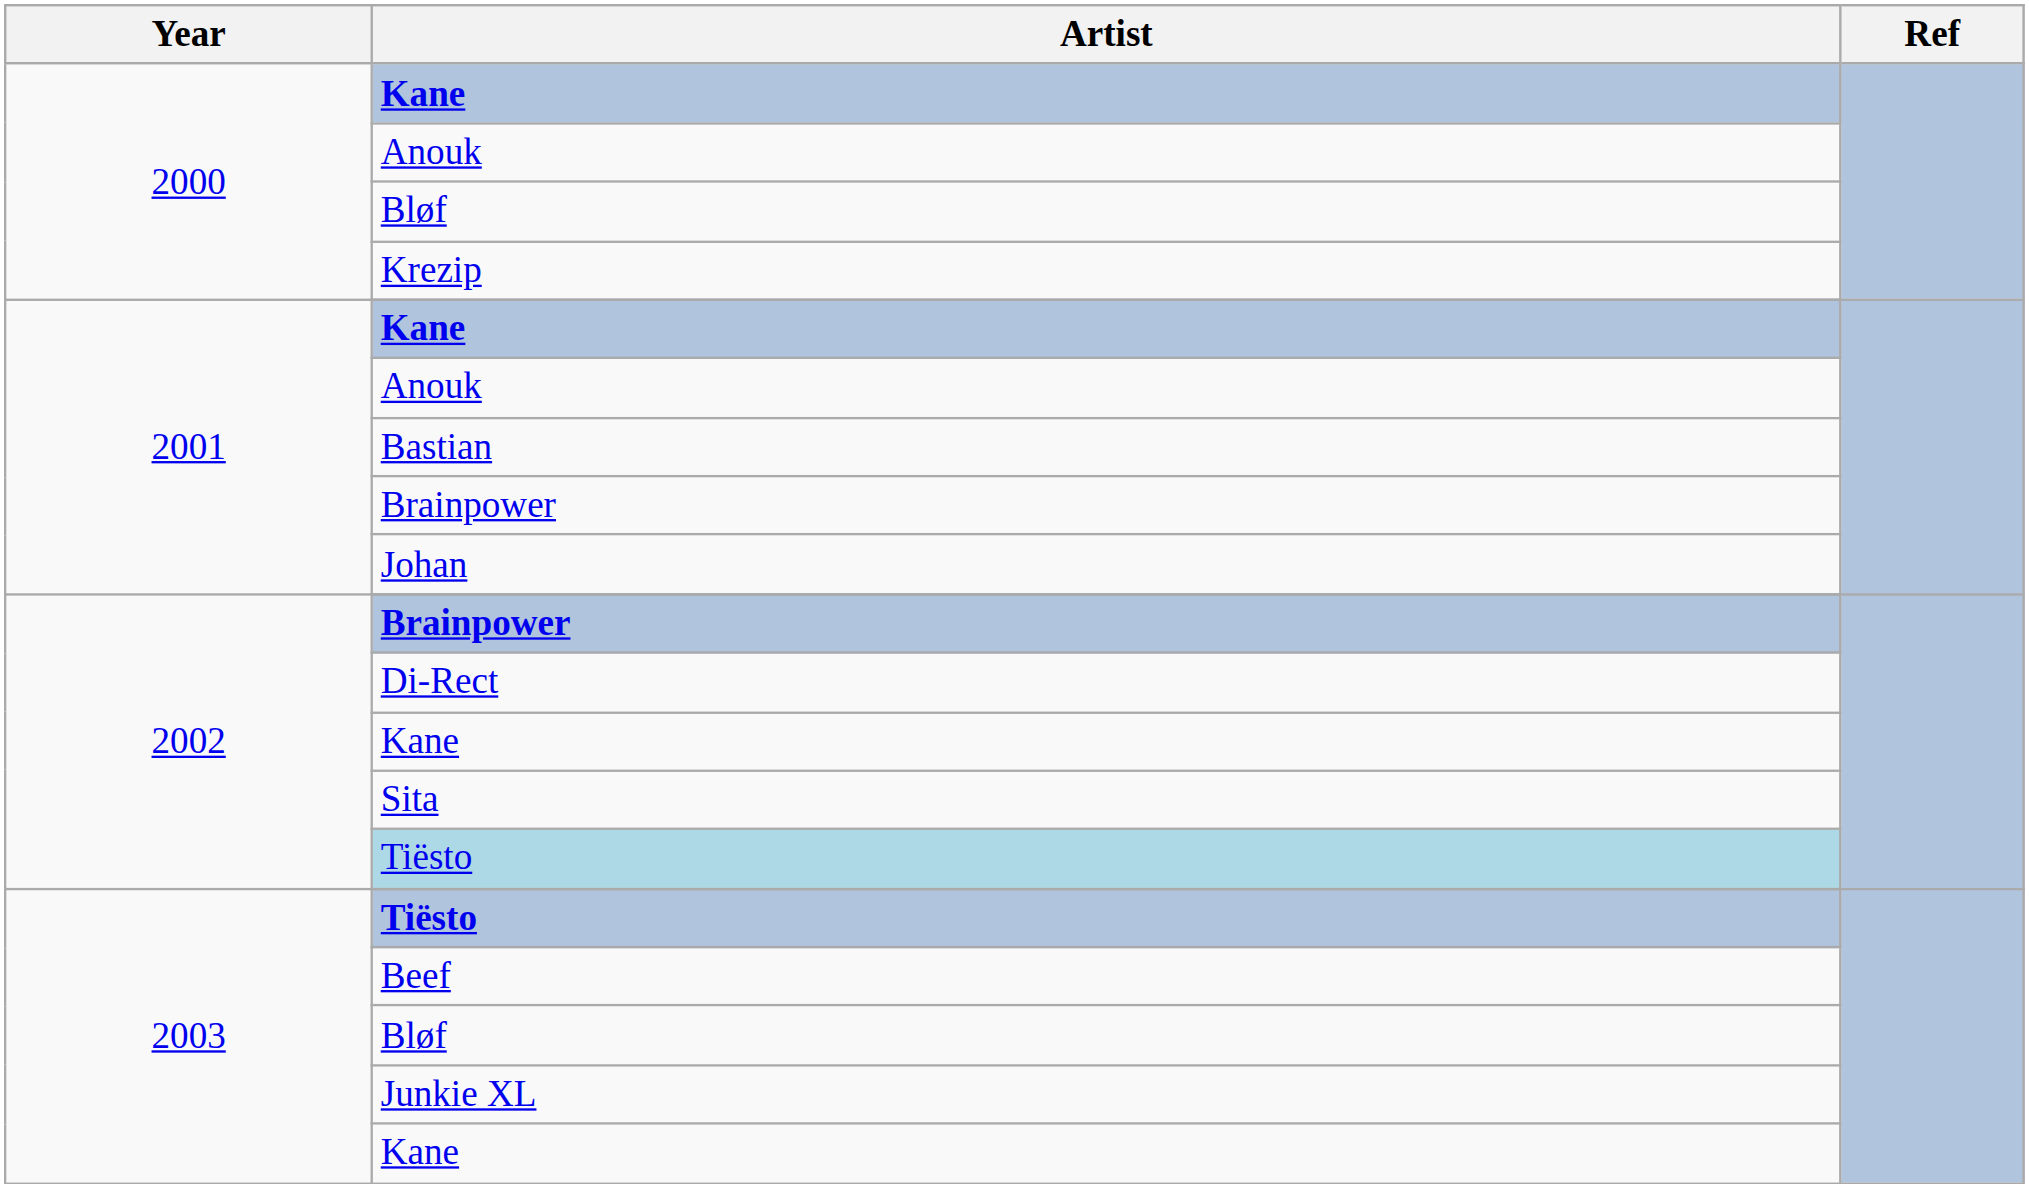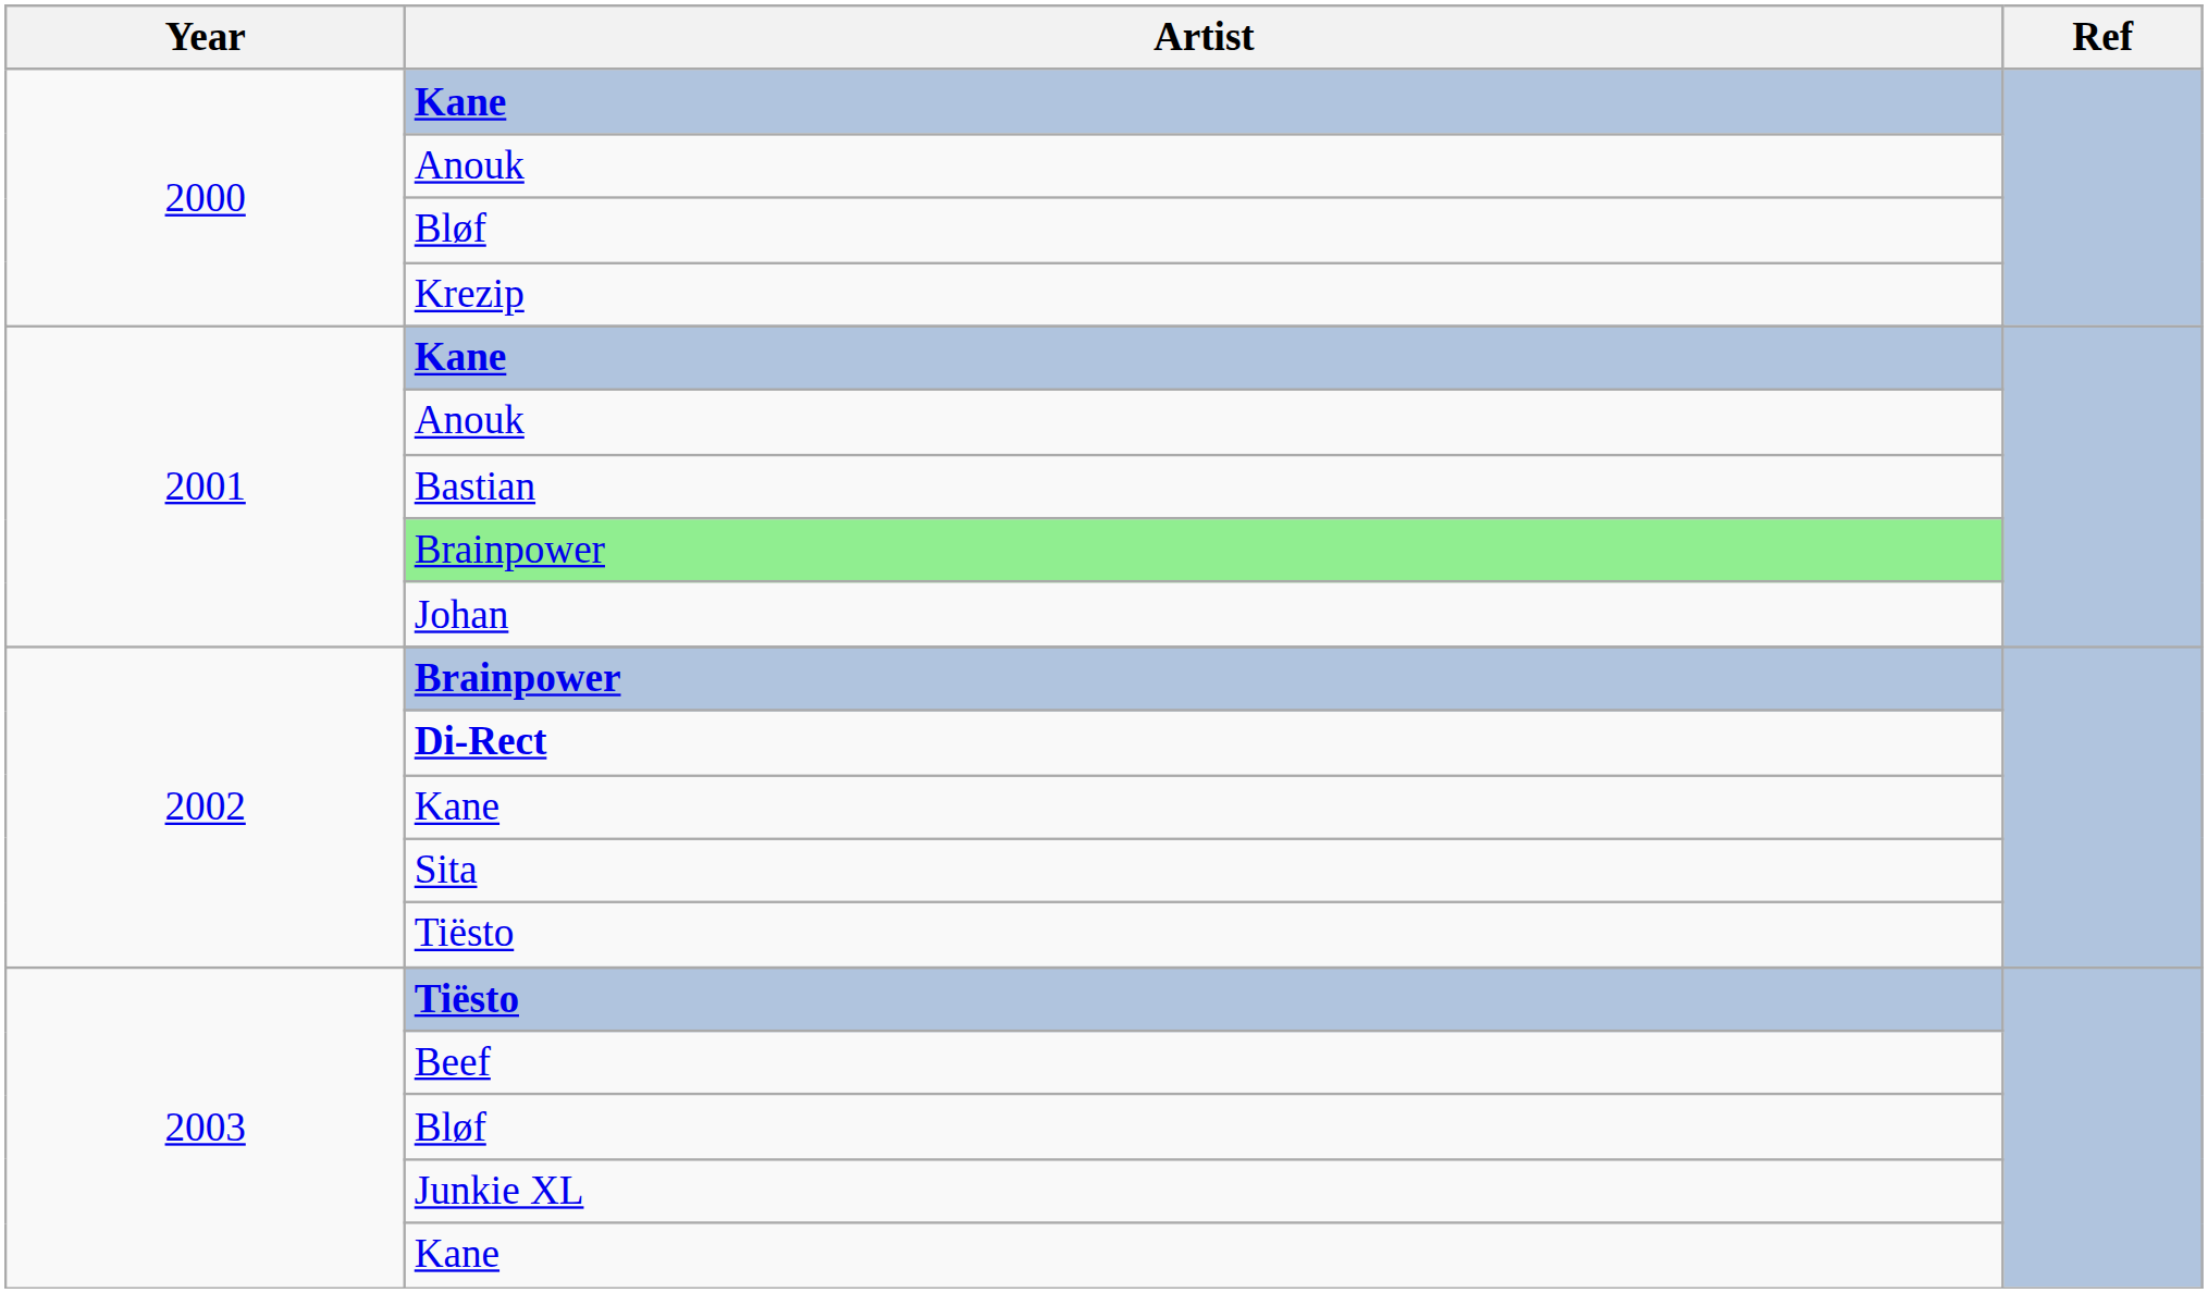 <table class="wikitable" style="width:55%;">
 <tr style="background:#bebebe;">
 <th style="width:10%;">Year</th>
 <th style="width:40%;">Artist</th>
 <th style="width:5%;">Ref</th>
 </tr>
 <tr>
 <td rowspan="4" align="center"><a href='#'>2000</a></td>
 <td style="background:#B0C4DE"><strong><a href='#'>Kane</a></strong></td>
 <td style="background:#B0C4DE" rowspan="5" align="center"></td>
 </tr>
 <tr>
 <td><a href='#'>Anouk</a></td>
 </tr>
 <tr>
 <td><a href='#'>Bløf</a></td>
 </tr>
 <tr>
 <td><a href='#'>Krezip</a></td>
 </tr>
 <tr>
 <td rowspan="6" align="center"><a href='#'>2001</a></td>
 </tr>
 <tr style="background:#B0C4DE">
 <td><strong><a href='#'>Kane</a></strong></td>
 <td rowspan="6" align="center"></td>
 </tr>
 <tr>
 <td><a href='#'>Anouk</a></td>
 </tr>
 <tr>
 <td><a href='#'>Bastian</a></td>
 </tr>
 <tr>
-<td><a href='#'>Brainpower</a></td>
+<td style="background: lightgreen;"><a href='#'>Brainpower</a></td>
 </tr>
 <tr>
 <td><a href='#'>Johan</a></td>
 </tr>
 <tr>
 <td rowspan="6" align="center"><a href='#'>2002</a></td>
 </tr>
 <tr style="background:#B0C4DE">
 <td><strong><a href='#'>Brainpower</a></strong></td>
 <td rowspan="6" align="center"></td>
 </tr>
 <tr>
-<td><a href='#'>Di-Rect</a></td>
+<td><strong><a href='#'>Di-Rect</a></strong></td>
 </tr>
 <tr>
 <td><a href='#'>Kane</a></td>
 </tr>
 <tr>
 <td><a href='#'>Sita</a></td>
 </tr>
 <tr>
-<td style="background: lightblue;"><a href='#'>Tiësto</a></td>
+<td><a href='#'>Tiësto</a></td>
 </tr>
 <tr>
 <td rowspan="6" align="center"><a href='#'>2003</a></td>
 </tr>
 <tr style="background:#B0C4DE">
 <td><strong><a href='#'>Tiësto</a></strong></td>
 <td rowspan="6" align="center"></td>
 </tr>
 <tr>
 <td><a href='#'>Beef</a></td>
 </tr>
 <tr>
 <td><a href='#'>Bløf</a></td>
 </tr>
 <tr>
 <td><a href='#'>Junkie XL</a></td>
 </tr>
 <tr>
 <td><a href='#'>Kane</a></td>
 </tr>
 </table>
